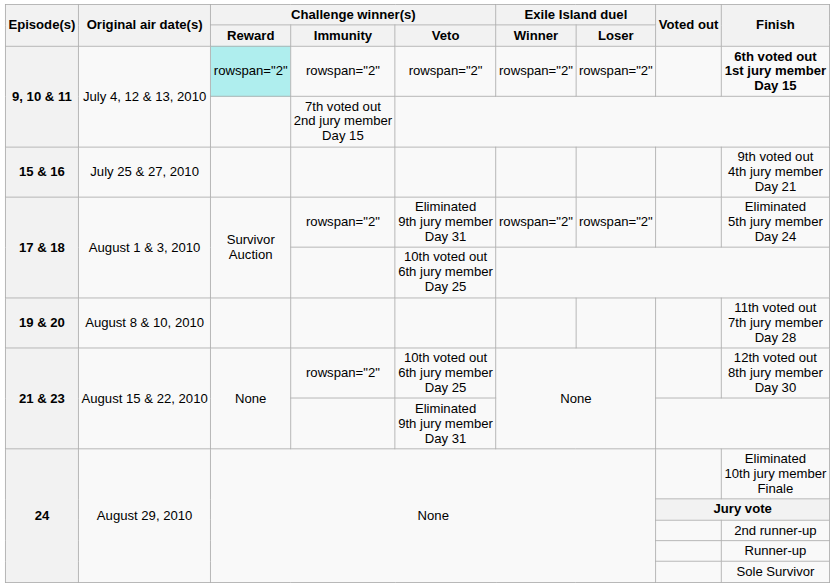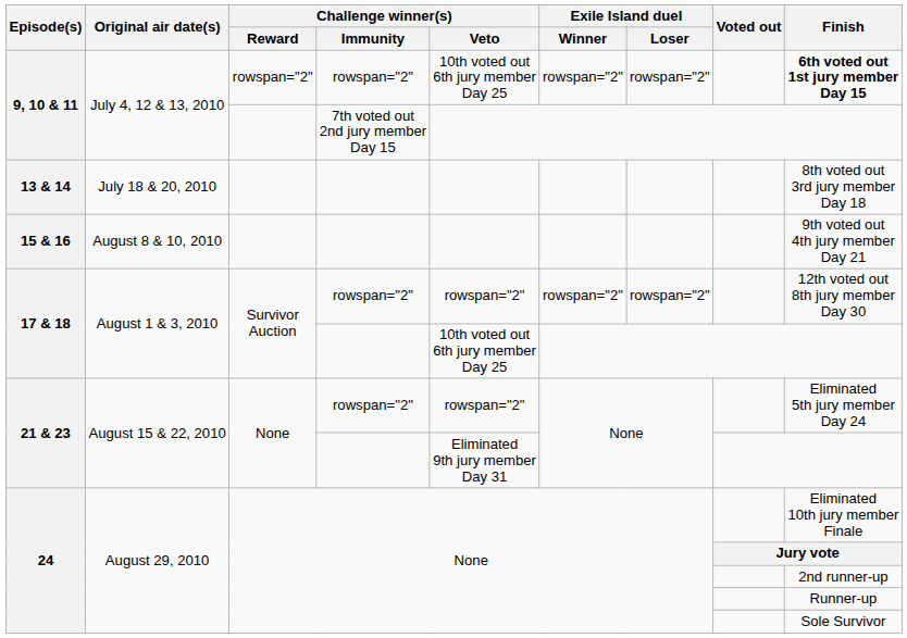 <table class="wikitable nowrap" style="margin:auto; text-align:center">
 <tr>
 <th rowspan="2">Episode(s)</th>
 <th rowspan="2">Original air date(s)</th>
 <th colspan="3">Challenge winner(s)</th>
 <th colspan="2">Exile Island duel</th>
 <th rowspan="2">Voted out</th>
 <th rowspan="2">Finish</th>
 </tr>
 <tr>
 <th>Reward</th>
 <th>Immunity</th>
 <th>Veto</th>
 <th>Winner</th>
 <th>Loser</th>
 </tr>
 <tr>
 <th rowspan="2">9, 10 & 11</th>
 <td rowspan="2">July 4, 12 & 13, 2010</td>
-<td style="background: paleturquoise;">rowspan="2" </td>
 <td>rowspan="2" </td>
 <td>rowspan="2" </td>
+<td>10th voted out<br>6th jury member<br>Day 25</td>
 <td>rowspan="2" </td>
 <td>rowspan="2" </td>
 <td></td>
 <td><strong>6th voted out<br>1st jury member<br>Day 15</strong></td>
 </tr>
 <tr>
 <td></td>
 <td>7th voted out<br>2nd jury member<br>Day 15</td>
 </tr>
 <tr>
+<th>13 & 14</th>
+<td>July 18 & 20, 2010</td>
+<td></td>
+<td></td>
+<td></td>
+<td></td>
+<td></td>
+<td></td>
+<td>8th voted out<br>3rd jury member<br>Day 18</td>
+</tr>
+<tr>
 <th>15 & 16</th>
-<td>July 25 & 27, 2010</td>
+<td>August 8 & 10, 2010</td>
 <td></td>
 <td></td>
 <td></td>
 <td></td>
 <td></td>
 <td></td>
 <td>9th voted out<br>4th jury member<br>Day 21</td>
 </tr>
 <tr>
 <th rowspan="2">17 & 18</th>
 <td rowspan="2">August 1 & 3, 2010</td>
 <td rowspan="2">Survivor<br>Auction</td>
 <td>rowspan="2" </td>
-<td>Eliminated<br>9th jury member<br>Day 31</td>
+<td>rowspan="2" </td>
 <td>rowspan="2" </td>
 <td>rowspan="2" </td>
 <td></td>
-<td>Eliminated<br>5th jury member<br>Day 24</td>
+<td>12th voted out <br>8th jury member<br>Day 30</td>
 </tr>
 <tr>
 <td></td>
 <td>10th voted out<br>6th jury member<br>Day 25</td>
 </tr>
 <tr>
-<th>19 & 20</th>
-<td>August 8 & 10, 2010</td>
-<td></td>
-<td></td>
-<td></td>
-<td></td>
-<td></td>
-<td></td>
-<td>11th voted out <br>7th jury member<br>Day 28</td>
-</tr>
-<tr>
 <th rowspan="2">21 & 23</th>
 <td rowspan="2">August 15 & 22, 2010</td>
 <td rowspan="2">None</td>
 <td>rowspan="2" </td>
-<td>10th voted out<br>6th jury member<br>Day 25</td>
+<td>rowspan="2" </td>
 <td rowspan="2" colspan="2">None</td>
 <td></td>
-<td>12th voted out <br>8th jury member<br>Day 30</td>
+<td>Eliminated<br>5th jury member<br>Day 24</td>
 </tr>
 <tr>
 <td></td>
 <td>Eliminated<br>9th jury member<br>Day 31</td>
 </tr>
 <tr>
 <th rowspan="5">24</th>
 <td rowspan="5">August 29, 2010</td>
 <td rowspan="5" colspan="5">None</td>
 <td></td>
 <td>Eliminated<br>10th jury member<br>Finale</td>
 </tr>
 <tr>
 <th colspan="2">Jury vote</th>
 </tr>
 <tr>
 <td></td>
 <td>2nd runner-up</td>
 </tr>
 <tr>
 <td></td>
 <td>Runner-up</td>
 </tr>
 <tr>
 <td></td>
 <td>Sole Survivor</td>
 </tr>
 </table>
